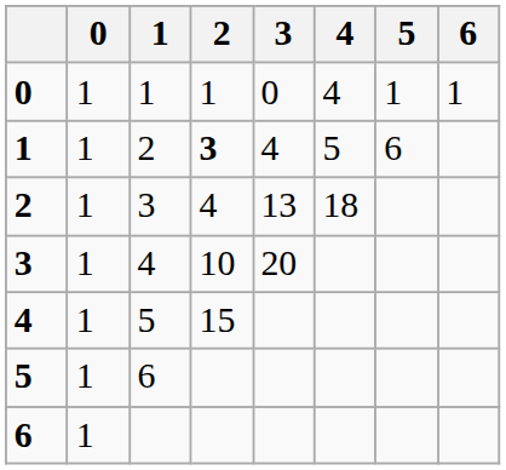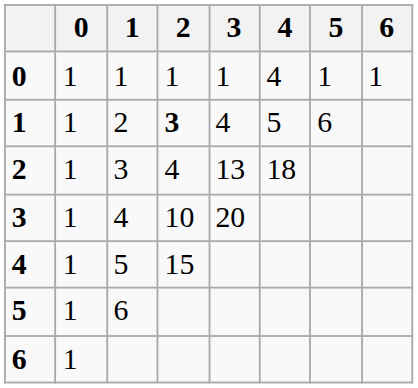 <table class="wikitable">
 <tr>
 <th style="width:20px;"></th>
 <th style="width:20px;">0</th>
 <th style="width:20px;">1</th>
 <th style="width:20px;">2</th>
 <th style="width:20px;">3</th>
 <th style="width:20px;">4</th>
 <th style="width:20px;">5</th>
 <th style="width:20px;">6</th>
 </tr>
 <tr>
 <td><strong>0</strong></td>
 <td>1</td>
 <td>1</td>
 <td>1</td>
-<td>0</td>
+<td>1</td>
 <td>4</td>
 <td>1</td>
 <td>1</td>
 </tr>
 <tr>
 <td><strong>1</strong></td>
 <td>1</td>
 <td>2</td>
 <td><strong>3</strong></td>
 <td>4</td>
 <td>5</td>
 <td>6</td>
 <td></td>
 </tr>
 <tr>
 <td><strong>2</strong></td>
 <td>1</td>
 <td>3</td>
 <td>4</td>
 <td>13</td>
 <td>18</td>
 <td></td>
 <td></td>
 </tr>
 <tr>
 <td><strong>3</strong></td>
 <td>1</td>
 <td>4</td>
 <td>10</td>
 <td>20</td>
 <td></td>
 <td></td>
 <td></td>
 </tr>
 <tr>
 <td><strong>4</strong></td>
 <td>1</td>
 <td>5</td>
 <td>15</td>
 <td></td>
 <td></td>
 <td></td>
 <td></td>
 </tr>
 <tr>
 <td><strong>5</strong></td>
 <td>1</td>
 <td>6</td>
 <td></td>
 <td></td>
 <td></td>
 <td></td>
 <td></td>
 </tr>
 <tr>
 <td><strong>6</strong></td>
 <td>1</td>
 <td></td>
 <td></td>
 <td></td>
 <td></td>
 <td></td>
 <td></td>
 </tr>
 </table>
